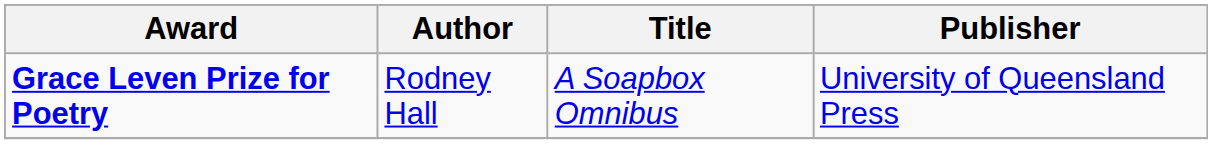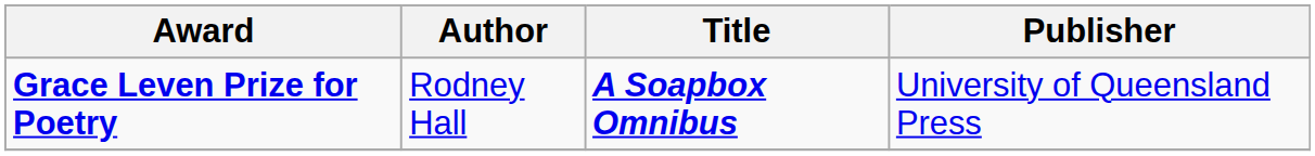 <table class="wikitable" width=100%>
 <tr>
 <th>Award</th>
 <th>Author</th>
 <th>Title</th>
 <th>Publisher</th>
 </tr>
 <tr>
 <td><strong><a href='#'>Grace Leven Prize for Poetry</a></strong></td>
 <td><a href='#'>Rodney Hall</a></td>
-<td><em><a href='#'>A Soapbox Omnibus</a></em></td>
+<td><strong><em><a href='#'>A Soapbox Omnibus</a></em></strong></td>
 <td><a href='#'>University of Queensland Press</a></td>
 </tr>
 <tr>
 </tr>
 </table>
